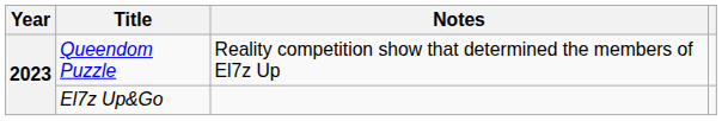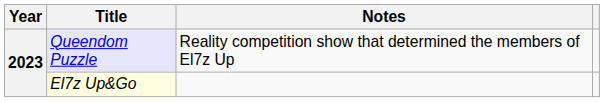 <table class="wikitable plainrowheaders">
 <tr>
 <th scope="col">Year</th>
 <th scope="col">Title</th>
 <th scope="col" class="unsortable">Notes</th>
 <th scope="col" class="unsortable"></th>
 </tr>
 <tr>
 <th scope="row" rowspan="2">2023</th>
-<td><em><a href='#'>Queendom Puzzle</a></em></td>
+<td style="background: lavender;"><em><a href='#'>Queendom Puzzle</a></em></td>
 <td>Reality competition show that determined the members of El7z Up</td>
 <td style="text-align:center"></td>
 </tr>
 <tr>
-<td><em>El7z Up&Go</em></td>
+<td style="background: lightyellow;"><em>El7z Up&Go</em></td>
 <td></td>
 <td style="text-align:center"></td>
 </tr>
 </table>
